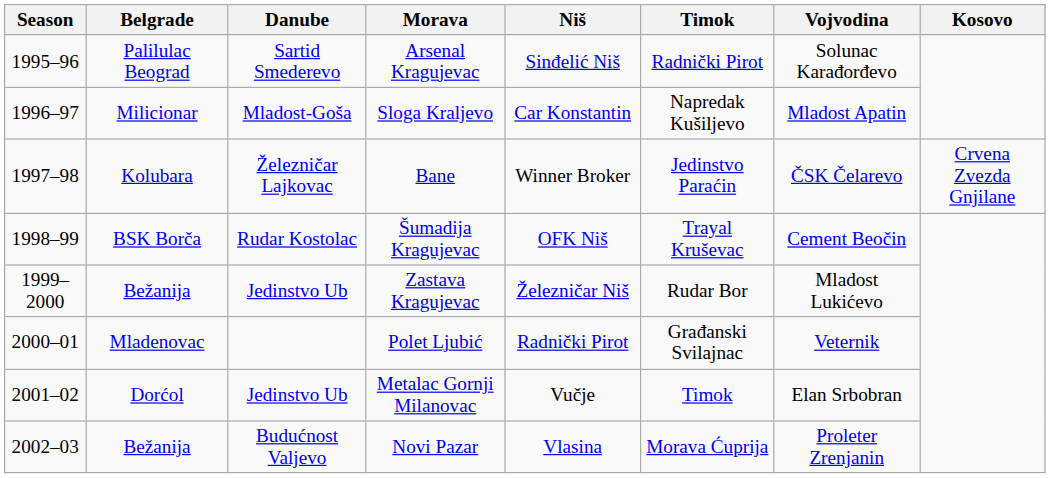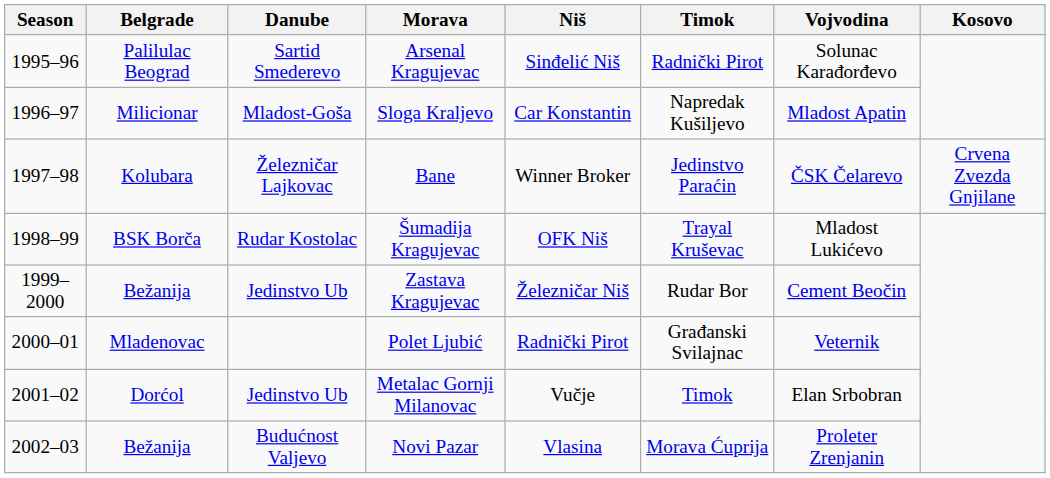 <table class="wikitable" style="text-align:center">
 <tr>
 <th width="80">Season</th>
 <th width="160">Belgrade</th>
 <th width="160">Danube</th>
 <th width="160">Morava</th>
 <th width="160">Niš</th>
 <th width="160">Timok</th>
 <th width="160">Vojvodina</th>
 <th width="160">Kosovo</th>
 </tr>
 <tr>
 <td>1995–96</td>
 <td><a href='#'>Palilulac Beograd</a></td>
 <td><a href='#'>Sartid Smederevo</a></td>
 <td><a href='#'>Arsenal Kragujevac</a></td>
 <td><a href='#'>Sinđelić Niš</a></td>
 <td><a href='#'>Radnički Pirot</a></td>
 <td>Solunac Karađorđevo</td>
 <td rowspan="2"></td>
 </tr>
 <tr>
 <td>1996–97</td>
 <td><a href='#'>Milicionar</a></td>
 <td><a href='#'>Mladost-Goša</a></td>
 <td><a href='#'>Sloga Kraljevo</a></td>
 <td><a href='#'>Car Konstantin</a></td>
 <td>Napredak Kušiljevo</td>
 <td><a href='#'>Mladost Apatin</a></td>
 </tr>
 <tr>
 <td>1997–98</td>
 <td><a href='#'>Kolubara</a></td>
 <td><a href='#'>Železničar Lajkovac</a></td>
 <td><a href='#'>Bane</a></td>
 <td>Winner Broker</td>
 <td><a href='#'>Jedinstvo Paraćin</a></td>
 <td><a href='#'>ČSK Čelarevo</a></td>
 <td><a href='#'>Crvena Zvezda Gnjilane</a></td>
 </tr>
 <tr>
 <td>1998–99</td>
 <td><a href='#'>BSK Borča</a></td>
 <td><a href='#'>Rudar Kostolac</a></td>
 <td><a href='#'>Šumadija Kragujevac</a></td>
 <td><a href='#'>OFK Niš</a></td>
 <td><a href='#'>Trayal Kruševac</a></td>
-<td><a href='#'>Cement Beočin</a></td>
+<td>Mladost Lukićevo</td>
 <td rowspan="5"></td>
 </tr>
 <tr>
 <td>1999–2000</td>
 <td><a href='#'>Bežanija</a></td>
 <td><a href='#'>Jedinstvo Ub</a></td>
 <td><a href='#'>Zastava Kragujevac</a></td>
 <td><a href='#'>Železničar Niš</a></td>
 <td>Rudar Bor</td>
-<td>Mladost Lukićevo</td>
+<td><a href='#'>Cement Beočin</a></td>
 </tr>
 <tr>
 <td>2000–01</td>
 <td><a href='#'>Mladenovac</a></td>
 <td></td>
 <td><a href='#'>Polet Ljubić</a></td>
 <td><a href='#'>Radnički Pirot</a></td>
 <td>Građanski Svilajnac</td>
 <td><a href='#'>Veternik</a></td>
 </tr>
 <tr>
 <td>2001–02</td>
 <td><a href='#'>Dorćol</a></td>
 <td><a href='#'>Jedinstvo Ub</a></td>
 <td><a href='#'>Metalac Gornji Milanovac</a></td>
 <td>Vučje</td>
 <td><a href='#'>Timok</a></td>
 <td>Elan Srbobran</td>
 </tr>
 <tr>
 <td>2002–03</td>
 <td><a href='#'>Bežanija</a></td>
 <td><a href='#'>Budućnost Valjevo</a></td>
 <td><a href='#'>Novi Pazar</a></td>
 <td><a href='#'>Vlasina</a></td>
 <td><a href='#'>Morava Ćuprija</a></td>
 <td><a href='#'>Proleter Zrenjanin</a></td>
 </tr>
 </table>
